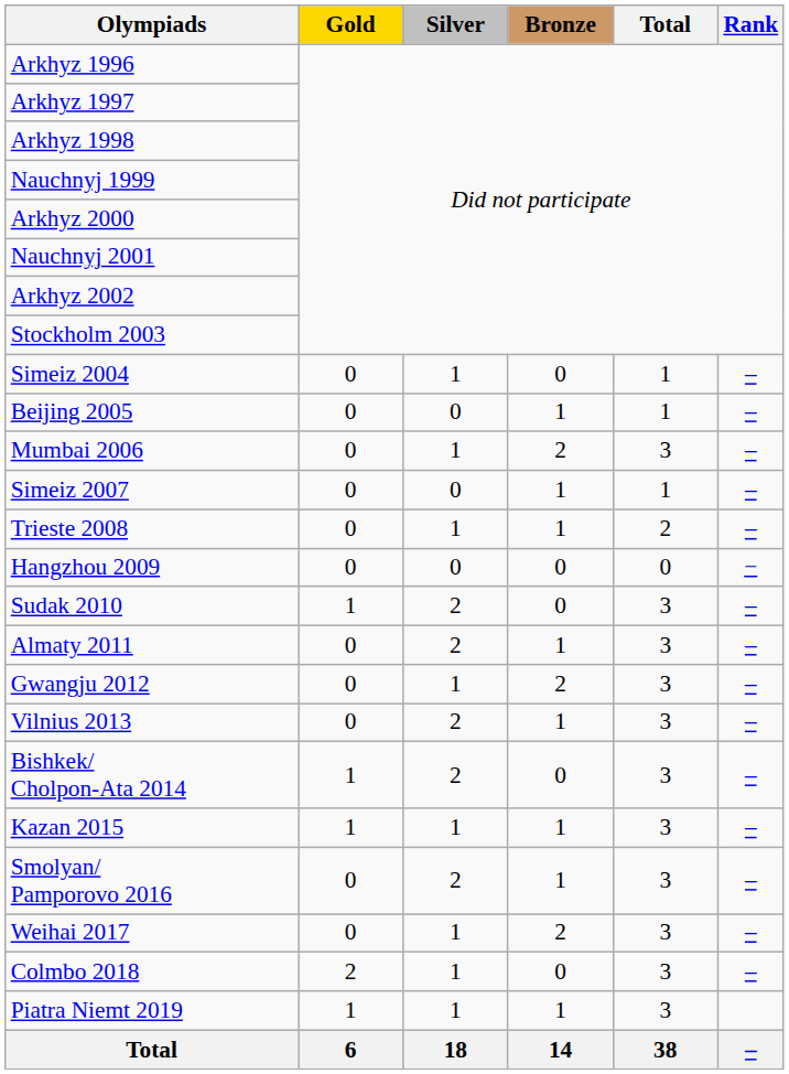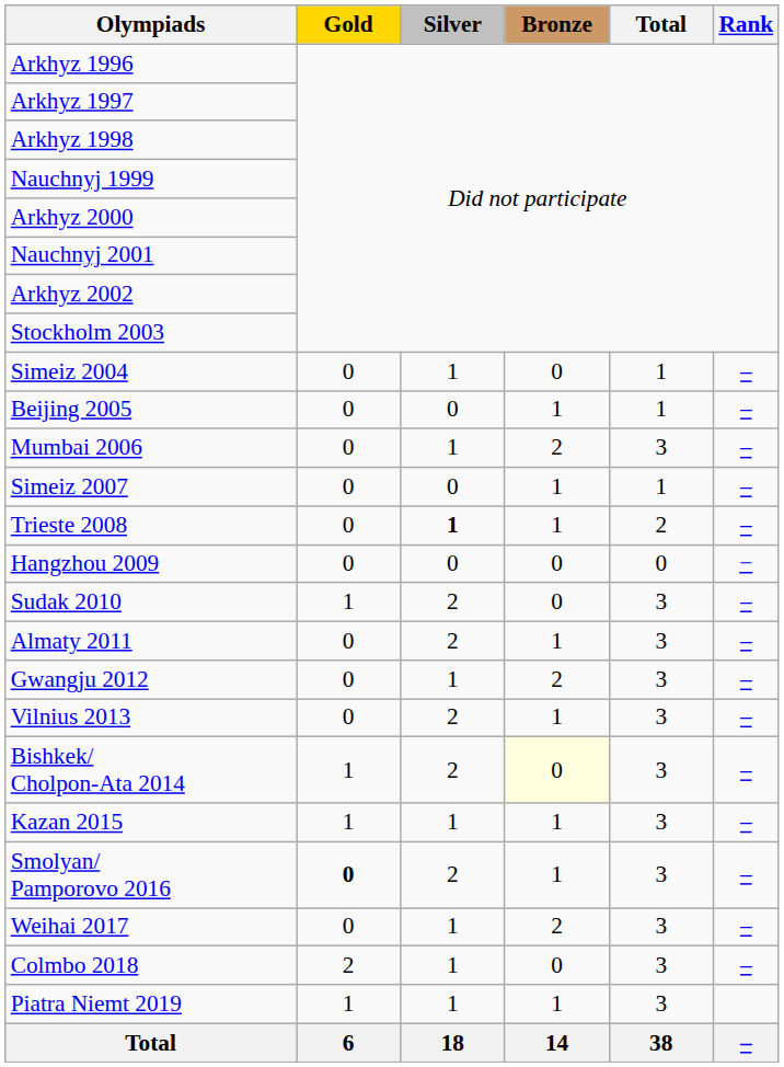 <table class="wikitable" style="text-align:center; font-size:90%;">
 <tr>
 <th style="width:12em;">Olympiads</th>
 <th style="width:4em; background:gold;">Gold</th>
 <th style="width:4em; background:silver;">Silver</th>
 <th style="width:4em; background:#cc9966;">Bronze</th>
 <th style="width:4em;">Total</th>
 <th style="width:2em;"><a href='#'>Rank</a></th>
 </tr>
 <tr>
 <td align=left> <a href='#'>Arkhyz 1996</a></td>
 <td align=center colspan=6 rowspan="8"><em>Did not participate</em></td>
 </tr>
 <tr>
 <td align=left> <a href='#'>Arkhyz 1997</a></td>
 </tr>
 <tr>
 <td align=left> <a href='#'>Arkhyz 1998</a></td>
 </tr>
 <tr>
 <td align=left> <a href='#'>Nauchnyj 1999</a></td>
 </tr>
 <tr>
 <td align=left> <a href='#'>Arkhyz 2000</a></td>
 </tr>
 <tr>
 <td align=left> <a href='#'>Nauchnyj 2001</a></td>
 </tr>
 <tr>
 <td align=left> <a href='#'>Arkhyz 2002</a></td>
 </tr>
 <tr>
 <td align=left> <a href='#'>Stockholm 2003</a></td>
 </tr>
 <tr>
 <td align=left> <a href='#'>Simeiz 2004</a></td>
 <td>0</td>
 <td>1</td>
 <td>0</td>
 <td>1</td>
 <td><a href='#'>–</a></td>
 </tr>
 <tr>
 <td align=left> <a href='#'>Beijing 2005</a></td>
 <td>0</td>
 <td>0</td>
 <td>1</td>
 <td>1</td>
 <td><a href='#'>–</a></td>
 </tr>
 <tr>
 <td align=left> <a href='#'>Mumbai 2006</a></td>
 <td>0</td>
 <td>1</td>
 <td>2</td>
 <td>3</td>
 <td><a href='#'>–</a></td>
 </tr>
 <tr>
 <td align=left> <a href='#'>Simeiz 2007</a></td>
 <td>0</td>
 <td>0</td>
 <td>1</td>
 <td>1</td>
 <td><a href='#'>–</a></td>
 </tr>
 <tr>
 <td align=left> <a href='#'>Trieste 2008</a></td>
 <td>0</td>
-<td>1</td>
+<td><strong>1</strong></td>
 <td>1</td>
 <td>2</td>
 <td><a href='#'>–</a></td>
 </tr>
 <tr>
 <td align=left> <a href='#'>Hangzhou 2009</a></td>
 <td>0</td>
 <td>0</td>
 <td>0</td>
 <td>0</td>
 <td><a href='#'>−</a></td>
 </tr>
 <tr>
 <td align=left> <a href='#'>Sudak 2010</a></td>
 <td>1</td>
 <td>2</td>
 <td>0</td>
 <td>3</td>
 <td><a href='#'>–</a></td>
 </tr>
 <tr>
 <td align=left> <a href='#'>Almaty 2011</a></td>
 <td>0</td>
 <td>2</td>
 <td>1</td>
 <td>3</td>
 <td><a href='#'>–</a></td>
 </tr>
 <tr>
 <td align=left> <a href='#'>Gwangju 2012</a></td>
 <td>0</td>
 <td>1</td>
 <td>2</td>
 <td>3</td>
 <td><a href='#'>–</a></td>
 </tr>
 <tr>
 <td align=left> <a href='#'>Vilnius 2013</a></td>
 <td>0</td>
 <td>2</td>
 <td>1</td>
 <td>3</td>
 <td><a href='#'>–</a></td>
 </tr>
 <tr>
 <td align=left> <a href='#'>Bishkek/<br>Cholpon-Ata 2014</a></td>
 <td>1</td>
 <td>2</td>
-<td>0</td>
+<td style="background: lightyellow;">0</td>
 <td>3</td>
 <td><a href='#'>–</a></td>
 </tr>
 <tr>
 <td align=left> <a href='#'>Kazan 2015</a></td>
 <td>1</td>
 <td>1</td>
 <td>1</td>
 <td>3</td>
 <td><a href='#'>–</a></td>
 </tr>
 <tr>
 <td align=left> <a href='#'>Smolyan/<br>Pamporovo 2016</a></td>
-<td>0</td>
+<td><strong>0</strong></td>
 <td>2</td>
 <td>1</td>
 <td>3</td>
 <td><a href='#'>–</a></td>
 </tr>
 <tr>
 <td align=left> <a href='#'>Weihai 2017</a></td>
 <td>0</td>
 <td>1</td>
 <td>2</td>
 <td>3</td>
 <td><a href='#'>–</a></td>
 </tr>
 <tr>
 <td align=left> <a href='#'>Colmbo 2018</a></td>
 <td>2</td>
 <td>1</td>
 <td>0</td>
 <td>3</td>
 <td><a href='#'>–</a></td>
 </tr>
 <tr>
 <td align=left> <a href='#'>Piatra Niemt 2019</a></td>
 <td>1</td>
 <td>1</td>
 <td>1</td>
 <td>3</td>
 <td></td>
 </tr>
 <tr>
 <th colspan=1>Total</th>
 <th>6</th>
 <th>18</th>
 <th>14</th>
 <th>38</th>
 <th><a href='#'>–</a></th>
 </tr>
 </table>
